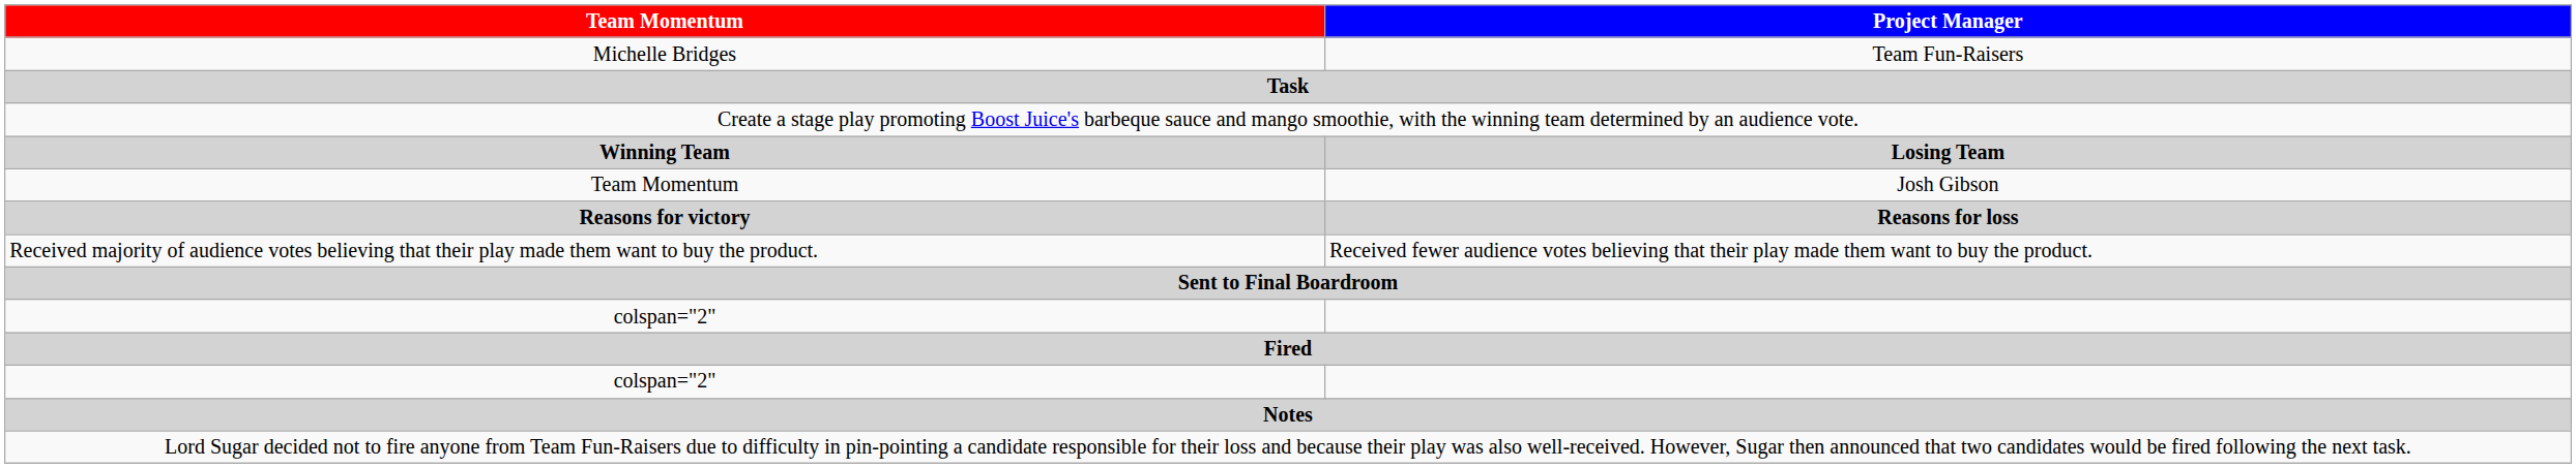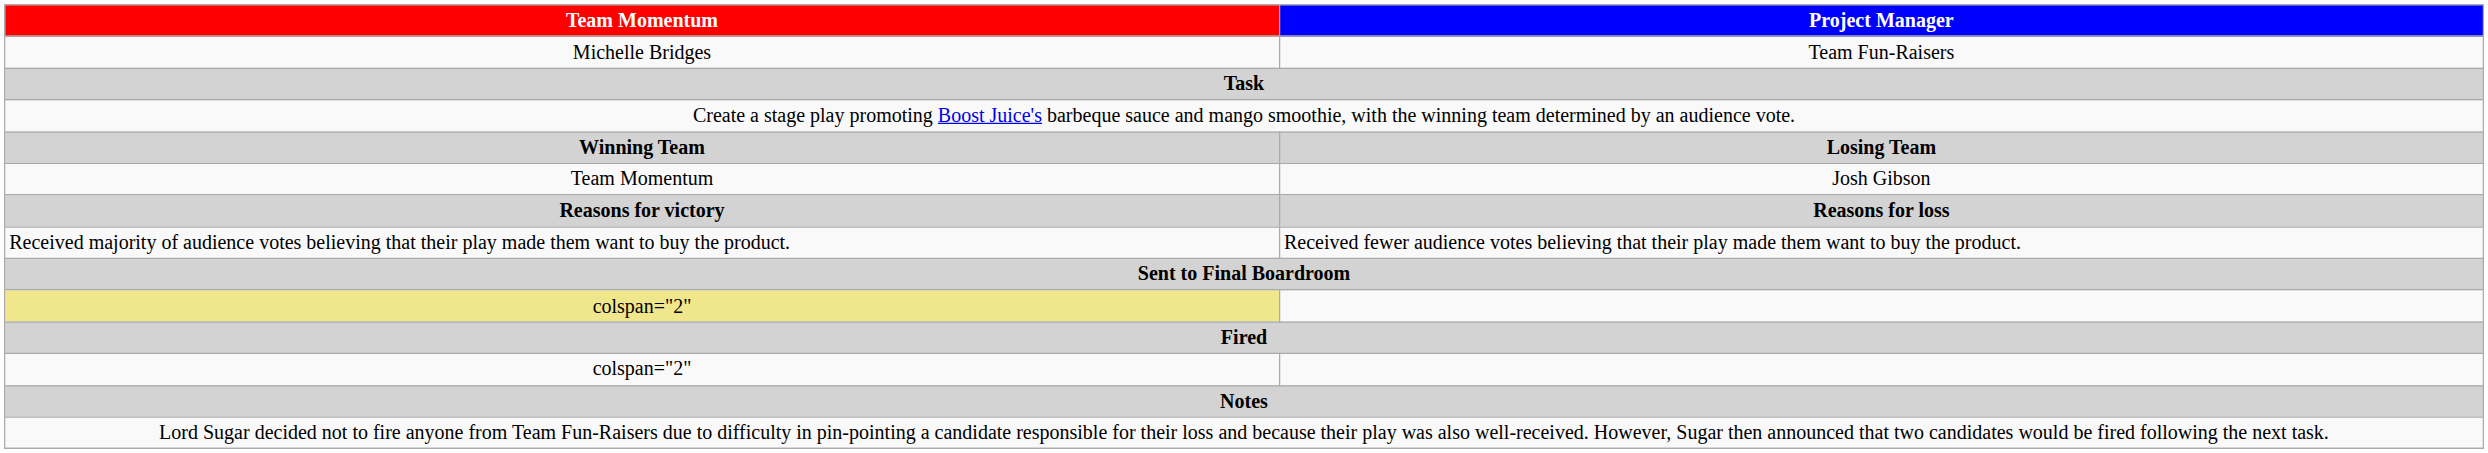 <table class="wikitable" style="text-align: center; width:100%">
 <tr>
 <th style="text-align:center; background:red;color:white">Team Momentum </th>
 <th style="text-align:center; background:blue;color:white"> Project Manager</th>
 </tr>
 <tr>
 <td>Michelle Bridges</td>
 <td>Team Fun-Raisers</td>
 </tr>
 <tr>
 <th colspan="2" style="text-align:center; background:lightgrey;">Task</th>
 </tr>
 <tr>
 <td colspan="2">Create a stage play promoting <a href='#'>Boost Juice's</a> barbeque sauce and mango smoothie, with the winning team determined by an audience vote.</td>
 </tr>
 <tr>
 <th style="text-align:center; background:lightgrey;">Winning Team</th>
 <th style="text-align:center; background:lightgrey;">Losing Team</th>
 </tr>
 <tr>
 <td>Team Momentum</td>
 <td>Josh Gibson</td>
 </tr>
 <tr>
 <th style="text-align:center; background:lightgrey;">Reasons for victory</th>
 <th style="text-align:center; background:lightgrey;">Reasons for loss</th>
 </tr>
 <tr style="text-align: left; ">
 <td>Received majority of audience votes believing that their play made them want to buy the product.</td>
 <td>Received fewer audience votes believing that their play made them want to buy the product.</td>
 </tr>
 <tr>
 <th colspan="2" style="text-align:center; background:lightgrey;">Sent to Final Boardroom</th>
 </tr>
 <tr>
-<td>colspan="2" </td>
+<td style="background: khaki;">colspan="2" </td>
 </tr>
 <tr>
 <th colspan="2" style="text-align:center; background:lightgrey;">Fired</th>
 </tr>
 <tr>
 <td>colspan="2" </td>
 </tr>
 <tr>
 <th colspan="2" style="text-align:center; background:lightgrey;">Notes</th>
 </tr>
 <tr>
 <td colspan="2">Lord Sugar decided not to fire anyone from Team Fun-Raisers due to difficulty in pin-pointing a candidate responsible for their loss and because their play was also well-received. However, Sugar then announced that two candidates would be fired following the next task.</td>
 </tr>
 <tr>
 </tr>
 </table>
